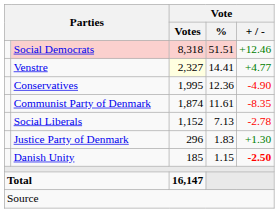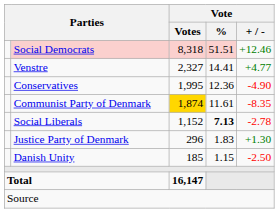 <table class="wikitable" style="text-align:right;">
 <tr>
 <th style="text-align:centre;" rowspan="2" colspan="2" width="225">Parties</th>
 <th colspan="3">Vote</th>
 </tr>
 <tr>
 <th width="15">Votes</th>
 <th width="15">%</th>
 <th width="15">+ / -</th>
 </tr>
 <tr>
 <td width="2" style="color:inherit;background:"></td>
 <td bgcolor=#fbd0ce  align="left"><a href='#'>Social Democrats</a></td>
 <td bgcolor=#fbd0ce>8,318</td>
 <td bgcolor=#fbd0ce>51.51</td>
 <td style=color:green;>+12.46</td>
 </tr>
 <tr>
 <td width="2" style="color:inherit;background:"></td>
 <td align="left"><a href='#'>Venstre</a></td>
-<td style="background: lightyellow;">2,327</td>
+<td>2,327</td>
 <td>14.41</td>
 <td style=color:green;>+4.77</td>
 </tr>
 <tr>
 <td width="2" style="color:inherit;background:"></td>
 <td align="left"><a href='#'>Conservatives</a></td>
 <td>1,995</td>
 <td>12.36</td>
 <td style=color:red;>-4.90</td>
 </tr>
 <tr>
 <td width="2" style="color:inherit;background:"></td>
 <td align="left"><a href='#'>Communist Party of Denmark</a></td>
-<td>1,874</td>
+<td style="background: gold;">1,874</td>
 <td>11.61</td>
 <td style=color:red;>-8.35</td>
 </tr>
 <tr>
 <td width="2" style="color:inherit;background:"></td>
 <td align="left"><a href='#'>Social Liberals</a></td>
 <td>1,152</td>
-<td>7.13</td>
+<td><strong>7.13</strong></td>
 <td style=color:red;>-2.78</td>
 </tr>
 <tr>
 <td width="2" style="color:inherit;background:"></td>
 <td align="left"><a href='#'>Justice Party of Denmark</a></td>
 <td>296</td>
 <td>1.83</td>
 <td style=color:green;>+1.30</td>
 </tr>
 <tr>
 <td width="2" style="color:inherit;background:"></td>
 <td align="left"><a href='#'>Danish Unity</a></td>
 <td>185</td>
 <td>1.15</td>
-<td style=color:red;><strong>-2.50</strong></td>
+<td style=color:red;>-2.50</td>
 </tr>
 <tr>
 <td colspan="7" bgcolor="#E9E9E9"></td>
 </tr>
 <tr>
 <td align="left" colspan="2"><strong>Total</strong></td>
 <td><strong>16,147</strong></td>
 <td bgcolor="#E9E9E9" colspan="2"></td>
 </tr>
 <tr>
 <td align="left" colspan="6">Source</td>
 </tr>
 </table>
